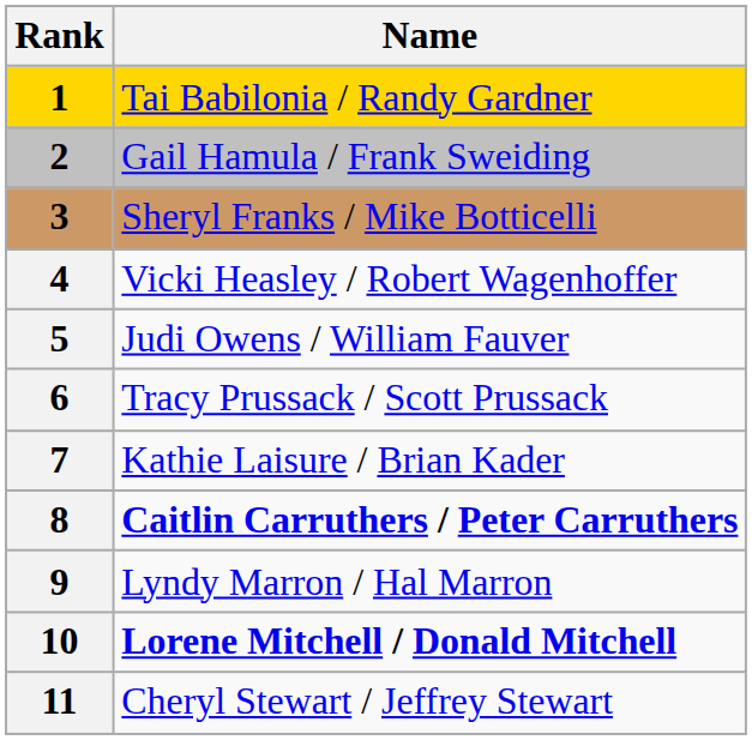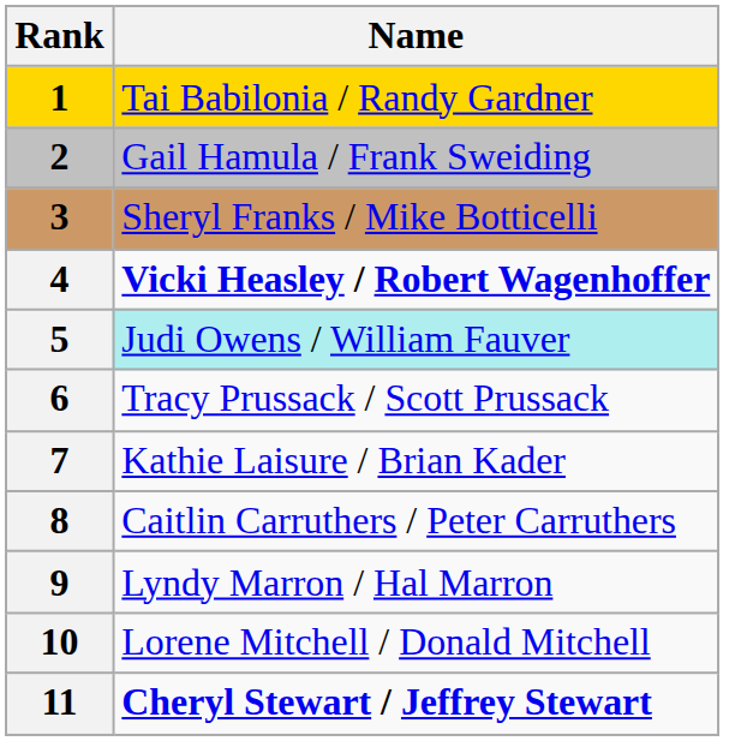 <table class="wikitable">
 <tr>
 <th>Rank</th>
 <th>Name</th>
 </tr>
 <tr bgcolor="gold">
 <td align="center"><strong>1</strong></td>
 <td><a href='#'>Tai Babilonia</a> / <a href='#'>Randy Gardner</a></td>
 </tr>
 <tr bgcolor="silver">
 <td align="center"><strong>2</strong></td>
 <td><a href='#'>Gail Hamula</a> / <a href='#'>Frank Sweiding</a></td>
 </tr>
 <tr bgcolor="cc9966">
 <td align="center"><strong>3</strong></td>
 <td><a href='#'>Sheryl Franks</a> / <a href='#'>Mike Botticelli</a></td>
 </tr>
 <tr>
 <th>4</th>
-<td><a href='#'>Vicki Heasley</a> / <a href='#'>Robert Wagenhoffer</a></td>
+<td><strong><a href='#'>Vicki Heasley</a> / <a href='#'>Robert Wagenhoffer</a></strong></td>
 </tr>
 <tr>
 <th>5</th>
-<td><a href='#'>Judi Owens</a> / <a href='#'>William Fauver</a></td>
+<td style="background: paleturquoise;"><a href='#'>Judi Owens</a> / <a href='#'>William Fauver</a></td>
 </tr>
 <tr>
 <th>6</th>
 <td><a href='#'>Tracy Prussack</a> / <a href='#'>Scott Prussack</a></td>
 </tr>
 <tr>
 <th>7</th>
 <td><a href='#'>Kathie Laisure</a> / <a href='#'>Brian Kader</a></td>
 </tr>
 <tr>
 <th>8</th>
-<td><strong><a href='#'>Caitlin Carruthers</a> / <a href='#'>Peter Carruthers</a></strong></td>
+<td><a href='#'>Caitlin Carruthers</a> / <a href='#'>Peter Carruthers</a></td>
 </tr>
 <tr>
 <th>9</th>
 <td><a href='#'>Lyndy Marron</a> / <a href='#'>Hal Marron</a></td>
 </tr>
 <tr>
 <th>10</th>
-<td><strong><a href='#'>Lorene Mitchell</a> / <a href='#'>Donald Mitchell</a></strong></td>
+<td><a href='#'>Lorene Mitchell</a> / <a href='#'>Donald Mitchell</a></td>
 </tr>
 <tr>
 <th>11</th>
-<td><a href='#'>Cheryl Stewart</a> / <a href='#'>Jeffrey Stewart</a></td>
+<td><strong><a href='#'>Cheryl Stewart</a> / <a href='#'>Jeffrey Stewart</a></strong></td>
 </tr>
 </table>
